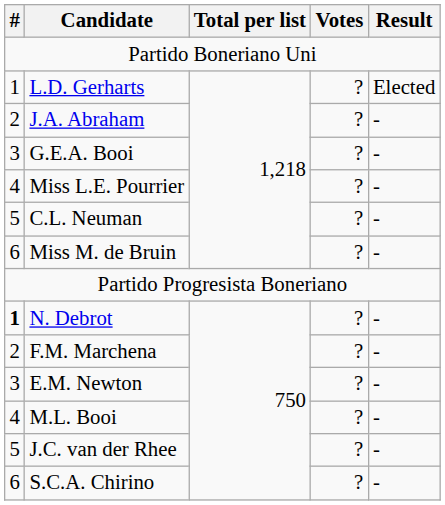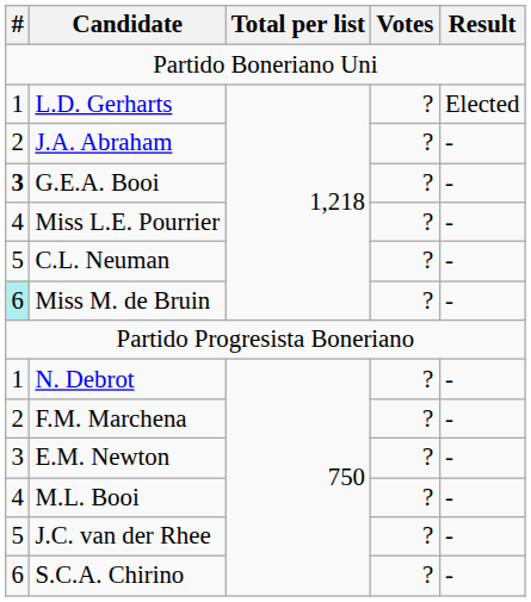 <table class="wikitable">
 <tr>
 <th>#</th>
 <th>Candidate</th>
 <th>Total per list</th>
 <th>Votes</th>
 <th>Result</th>
 </tr>
 <tr>
 <td Colspan = "5" style="text-align:center;">Partido Boneriano Uni</td>
 </tr>
 <tr>
 <td>1</td>
 <td><a href='#'>L.D. Gerharts</a></td>
 <td Rowspan="6" style="text-align:right">1,218</td>
 <td style="text-align:right">?</td>
 <td>Elected</td>
 </tr>
 <tr>
 <td>2</td>
 <td><a href='#'>J.A. Abraham</a></td>
 <td style="text-align:right">?</td>
 <td>-</td>
 </tr>
 <tr>
-<td>3</td>
+<td><strong>3</strong></td>
 <td>G.E.A. Booi</td>
 <td style="text-align:right">?</td>
 <td>-</td>
 </tr>
 <tr>
 <td>4</td>
 <td>Miss L.E. Pourrier</td>
 <td style="text-align:right">?</td>
 <td>-</td>
 </tr>
 <tr>
 <td>5</td>
 <td>C.L. Neuman</td>
 <td style="text-align:right">?</td>
 <td>-</td>
 </tr>
 <tr>
-<td>6</td>
+<td style="background: paleturquoise;">6</td>
 <td>Miss M. de Bruin</td>
 <td style="text-align:right">?</td>
 <td>-</td>
 </tr>
 <tr>
 <td Colspan = "5" style="text-align:center;">Partido Progresista Boneriano</td>
 </tr>
 <tr>
-<td><strong>1</strong></td>
+<td>1</td>
 <td><a href='#'>N. Debrot</a></td>
 <td Rowspan="6" style="text-align:right">750</td>
 <td style="text-align:right">?</td>
 <td>-</td>
 </tr>
 <tr>
 <td>2</td>
 <td>F.M. Marchena</td>
 <td style="text-align:right">?</td>
 <td>-</td>
 </tr>
 <tr>
 <td>3</td>
 <td>E.M. Newton</td>
 <td style="text-align:right">?</td>
 <td>-</td>
 </tr>
 <tr>
 <td>4</td>
 <td>M.L. Booi</td>
 <td style="text-align:right">?</td>
 <td>-</td>
 </tr>
 <tr>
 <td>5</td>
 <td>J.C. van der Rhee</td>
 <td style="text-align:right">?</td>
 <td>-</td>
 </tr>
 <tr>
 <td>6</td>
 <td>S.C.A. Chirino</td>
 <td style="text-align:right">?</td>
 <td>-</td>
 </tr>
 </table>
